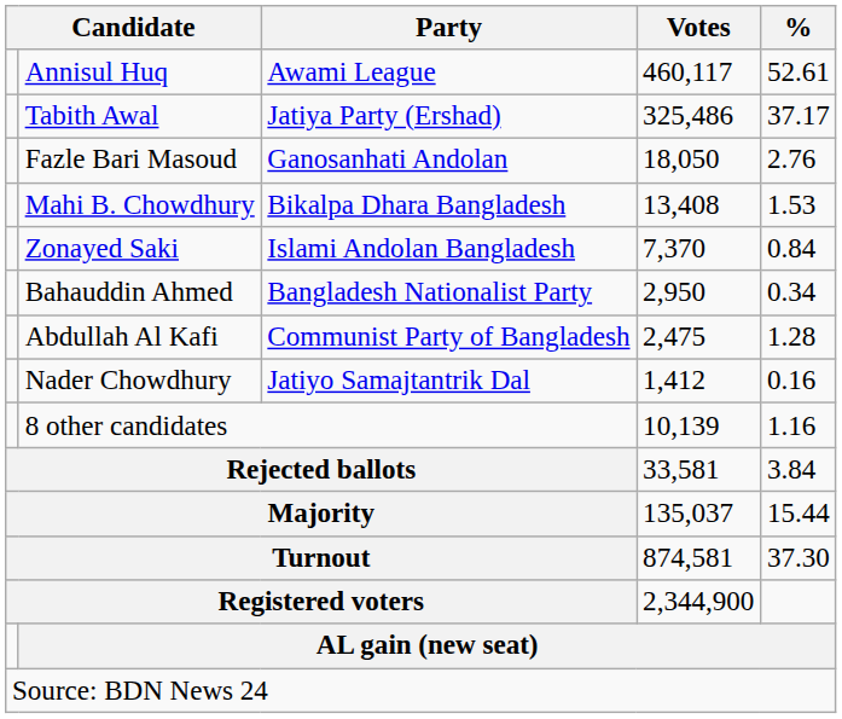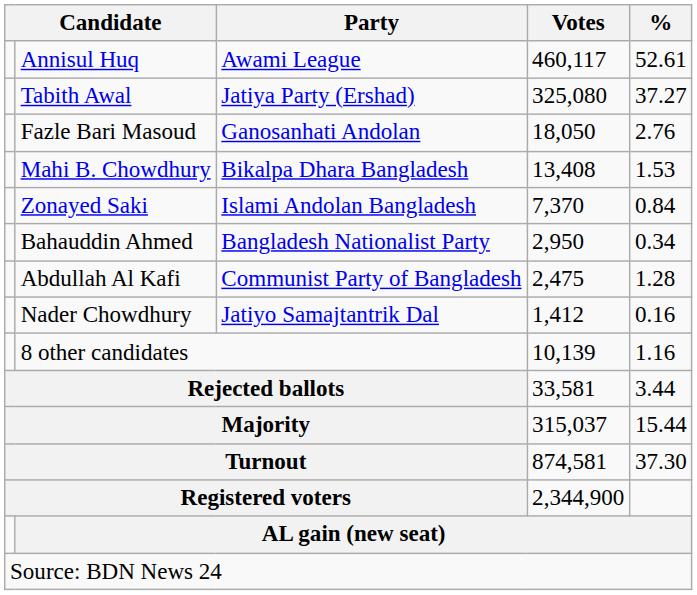 <table class=wikitable style=text-align:left>
 <tr>
 <th colspan=2>Candidate</th>
 <th>Party</th>
 <th>Votes</th>
 <th>%</th>
 </tr>
 <tr>
 <td bgcolor=></td>
 <td align=left><a href='#'>Annisul Huq</a></td>
 <td align=left><a href='#'>Awami League</a></td>
 <td>460,117</td>
 <td>52.61</td>
 </tr>
 <tr>
 <td bgcolor=></td>
 <td align=left><a href='#'>Tabith Awal</a></td>
 <td align=left><a href='#'>Jatiya Party (Ershad)</a></td>
-<td>325,486</td>
-<td>37.17</td>
+<td>325,080</td>
+<td>37.27</td>
 </tr>
 <tr>
 <td bgcolor=></td>
 <td align=left>Fazle Bari Masoud</td>
 <td align=left><a href='#'>Ganosanhati Andolan</a></td>
 <td>18,050</td>
 <td>2.76</td>
 </tr>
 <tr>
 <td bgcolor=></td>
 <td align=left><a href='#'>Mahi B. Chowdhury</a></td>
 <td align=left><a href='#'>Bikalpa Dhara Bangladesh</a></td>
 <td>13,408</td>
 <td>1.53</td>
 </tr>
 <tr>
 <td bgcolor=></td>
 <td align=left><a href='#'>Zonayed Saki</a></td>
 <td align=left><a href='#'>Islami Andolan Bangladesh</a></td>
 <td>7,370</td>
 <td>0.84</td>
 </tr>
 <tr>
 <td bgcolor=></td>
 <td align=left>Bahauddin Ahmed</td>
 <td align=left><a href='#'>Bangladesh Nationalist Party</a></td>
 <td>2,950</td>
 <td>0.34</td>
 </tr>
 <tr>
 <td bgcolor=></td>
 <td align=left>Abdullah Al Kafi</td>
 <td align=left><a href='#'>Communist Party of Bangladesh</a></td>
 <td>2,475</td>
 <td>1.28</td>
 </tr>
 <tr>
 <td bgcolor=></td>
 <td align=left>Nader Chowdhury</td>
 <td align=left><a href='#'>Jatiyo Samajtantrik Dal</a></td>
 <td>1,412</td>
 <td>0.16</td>
 </tr>
 <tr>
 <td></td>
 <td colspan="2" align=left>8 other candidates</td>
 <td>10,139</td>
 <td>1.16</td>
 </tr>
 <tr>
 <th align=right colspan=3>Rejected ballots</th>
 <td>33,581</td>
-<td>3.84</td>
+<td>3.44</td>
 </tr>
 <tr>
 <th align=right colspan="3">Majority</th>
-<td>135,037</td>
+<td>315,037</td>
 <td>15.44</td>
 </tr>
 <tr>
 <th align=right colspan=3><strong>Turnout</strong></th>
 <td>874,581</td>
 <td>37.30</td>
 </tr>
 <tr>
 <th align=right colspan=3>Registered voters</th>
 <td>2,344,900</td>
 <td></td>
 </tr>
 <tr>
 <td style="background-color:"></td>
 <th align=left colspan=4>AL gain (new seat)</th>
 </tr>
 <tr>
 <td colspan=5 align=left>Source: BDN News 24</td>
 </tr>
 </table>
